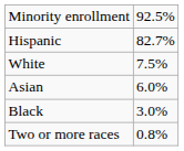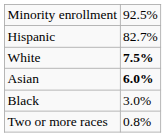 <table class="wikitable">
 <tr>
 <td>Minority enrollment</td>
 <td>92.5%</td>
 </tr>
 <tr>
 <td>Hispanic</td>
 <td>82.7%</td>
 </tr>
 <tr>
 <td>White</td>
-<td>7.5%</td>
+<td><strong>7.5%</strong></td>
 </tr>
 <tr>
 <td>Asian</td>
-<td>6.0%</td>
+<td><strong>6.0%</strong></td>
 </tr>
 <tr>
 <td>Black</td>
 <td>3.0%</td>
 </tr>
 <tr>
 <td>Two or more races</td>
 <td>0.8%</td>
 </tr>
 </table>
